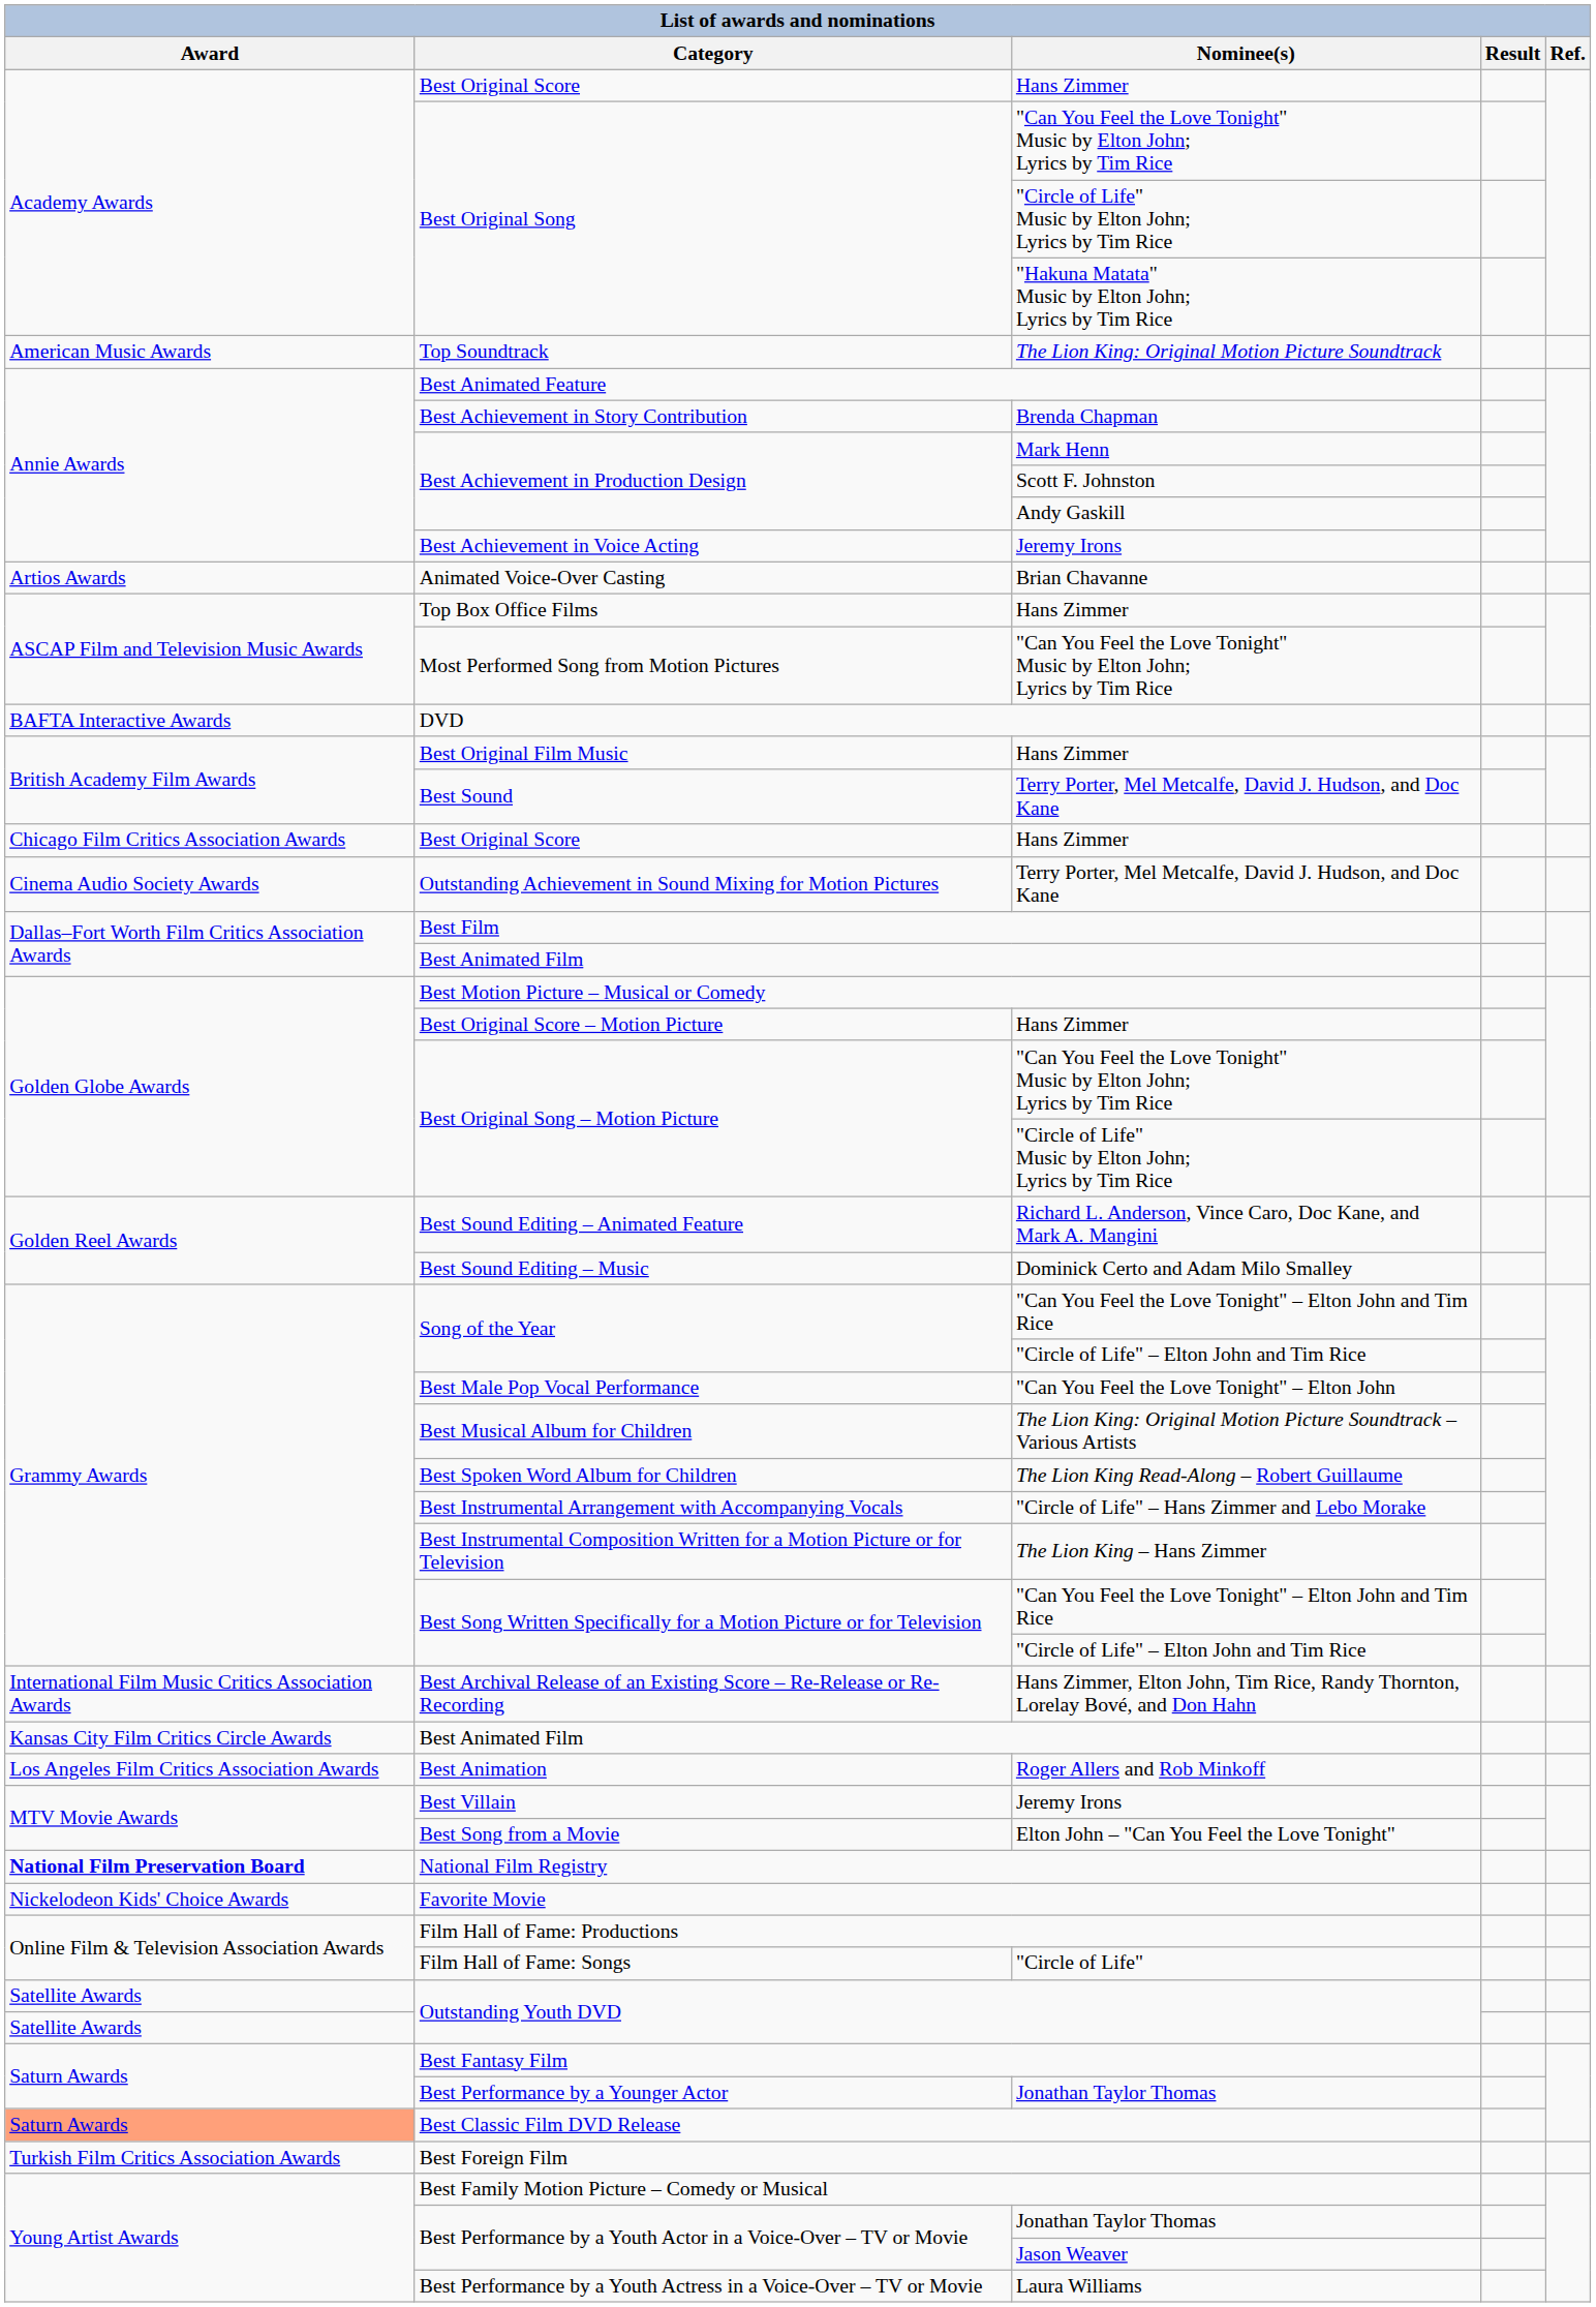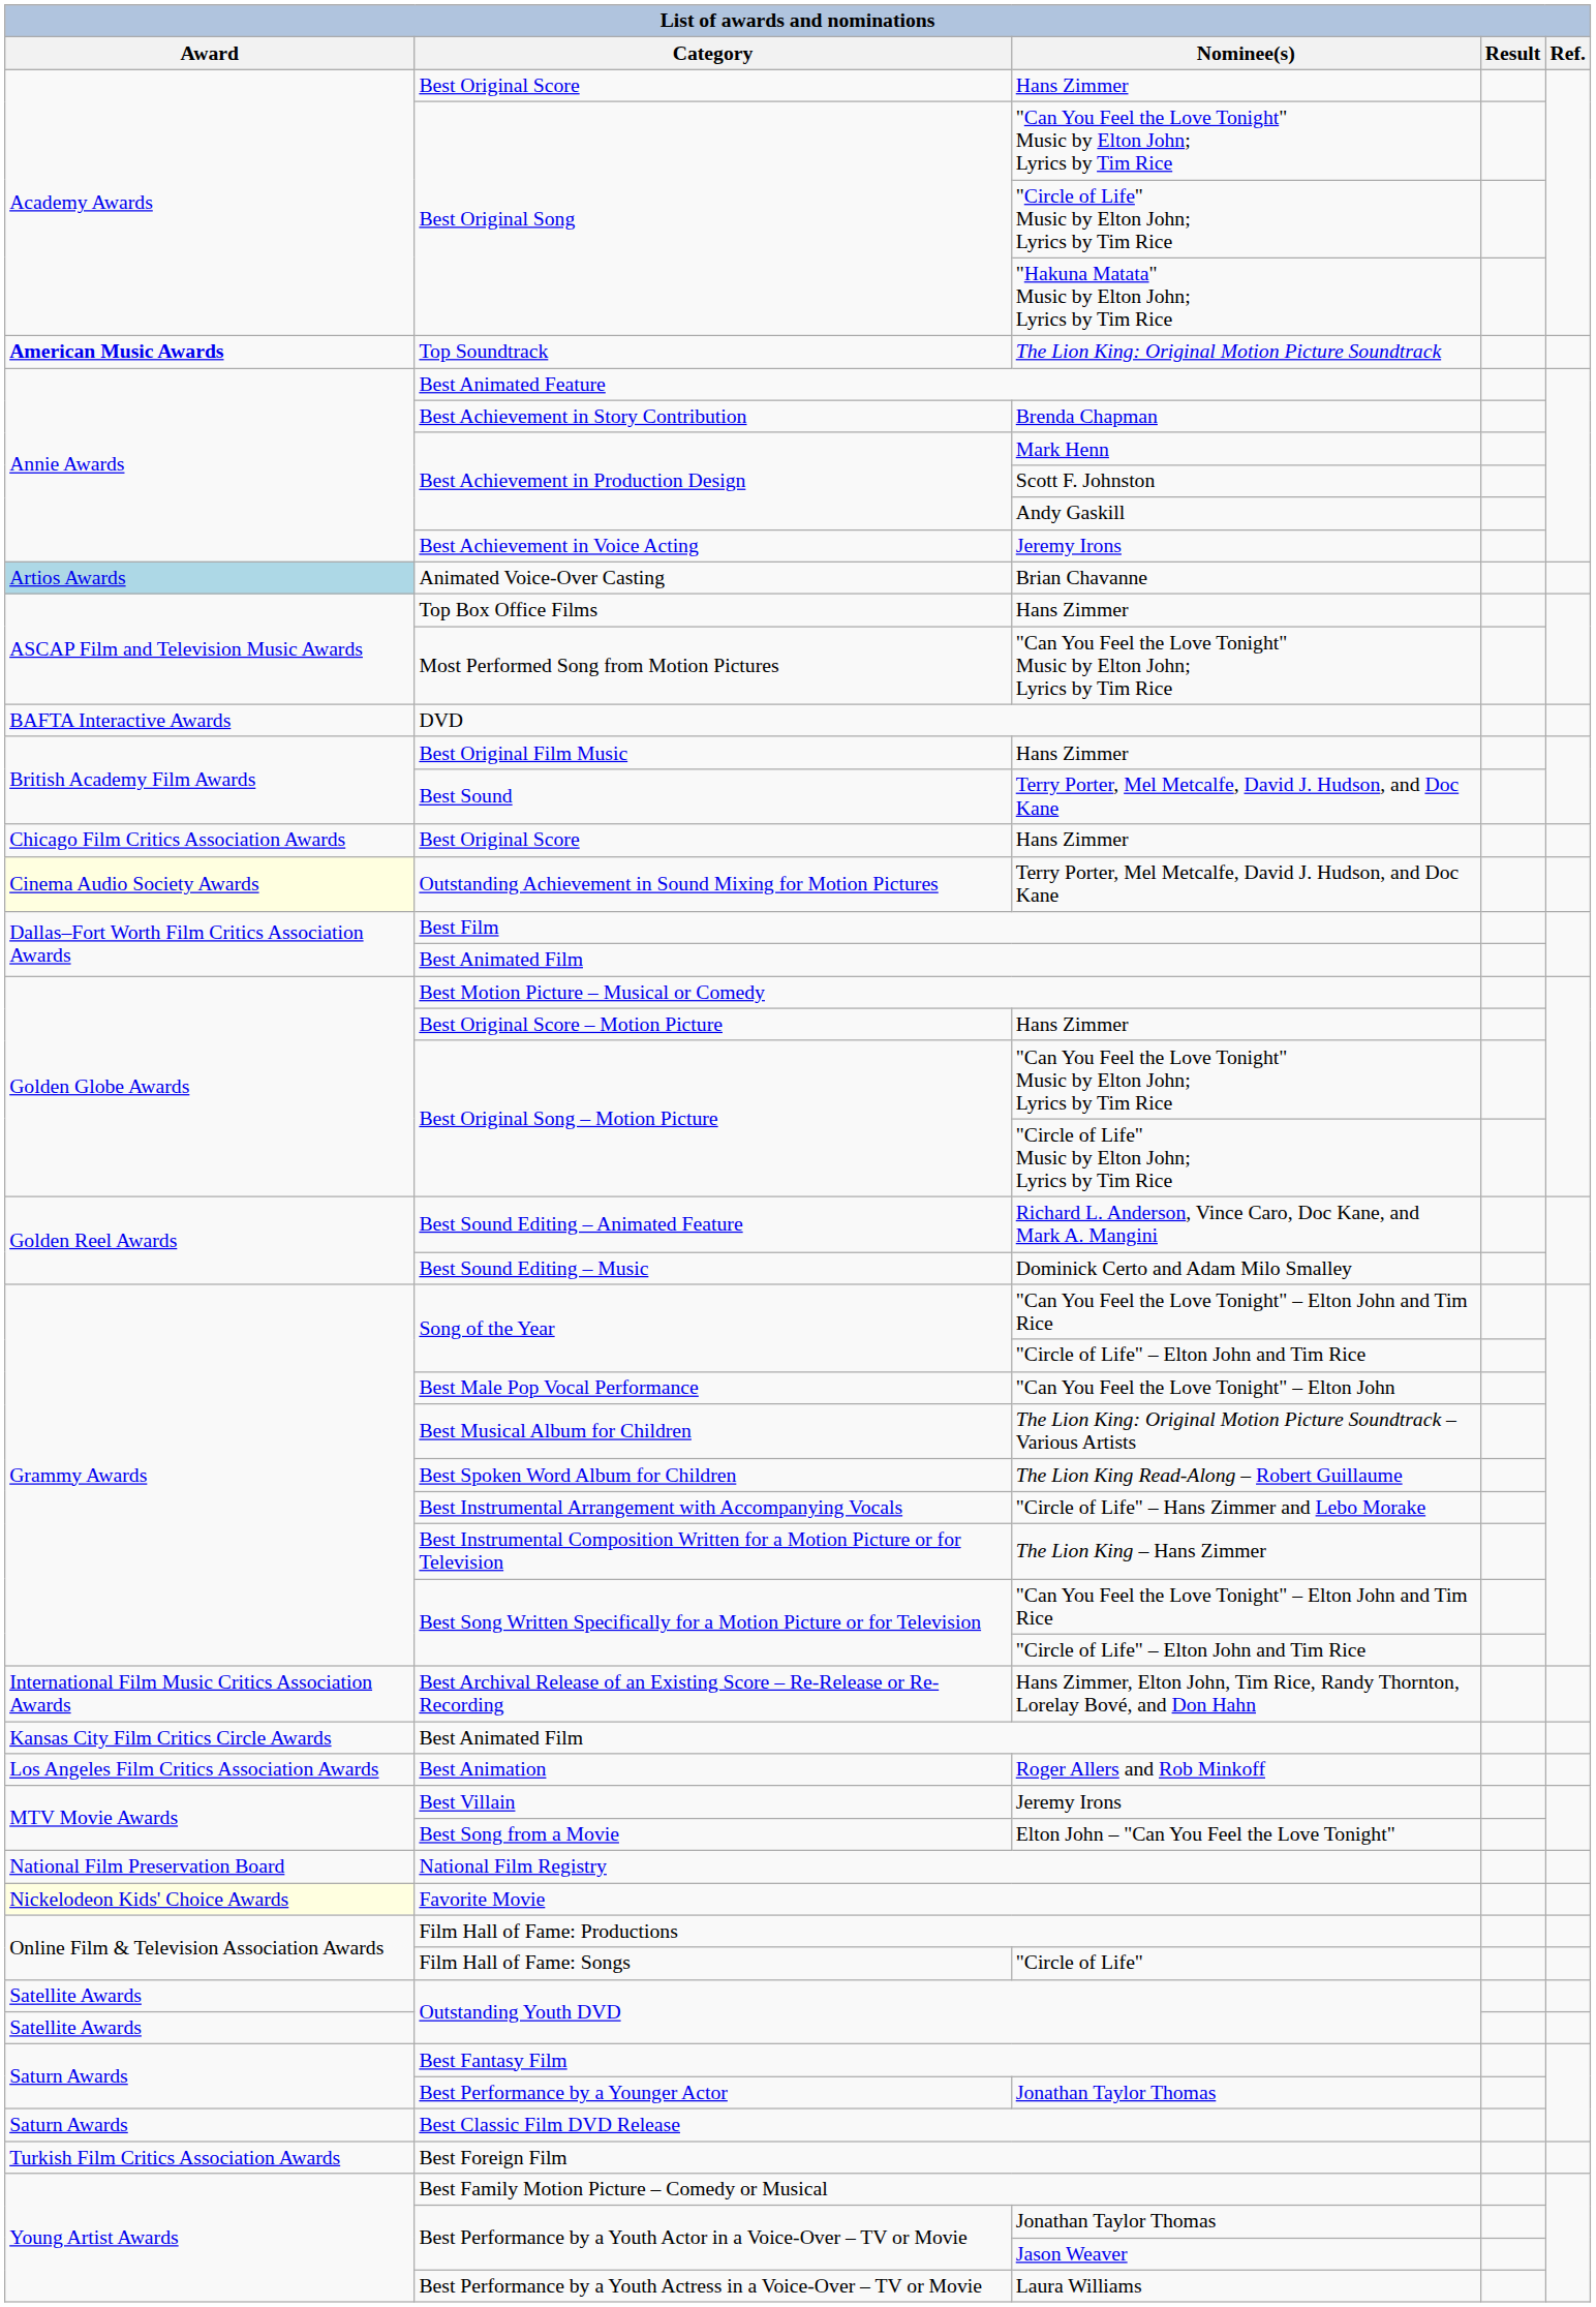 <table class="wikitable plainrowheaders">
 <tr style="background:#ccc; text-align:center;">
 <th colspan="6" style="background: LightSteelBlue;">List of awards and nominations</th>
 </tr>
 <tr style="background:#ccc; text-align:center;">
 <th>Award</th>
 <th>Category</th>
 <th>Nominee(s)</th>
 <th>Result</th>
 <th>Ref.</th>
 </tr>
 <tr>
 <td rowspan="4"><a href='#'>Academy Awards</a></td>
 <td><a href='#'>Best Original Score</a></td>
 <td><a href='#'>Hans Zimmer</a></td>
 <td></td>
 <td rowspan="4" align="center"></td>
 </tr>
 <tr>
 <td rowspan="3"><a href='#'>Best Original Song</a></td>
 <td>"<a href='#'>Can You Feel the Love Tonight</a>" <br> Music by <a href='#'>Elton John</a>; <br> Lyrics by <a href='#'>Tim Rice</a></td>
 <td></td>
 </tr>
 <tr>
 <td>"<a href='#'>Circle of Life</a>" <br> Music by Elton John; <br> Lyrics by Tim Rice</td>
 <td></td>
 </tr>
 <tr>
 <td>"<a href='#'>Hakuna Matata</a>" <br> Music by Elton John; <br> Lyrics by Tim Rice</td>
 <td></td>
 </tr>
 <tr>
-<td><a href='#'>American Music Awards</a></td>
+<td><strong><a href='#'>American Music Awards</a></strong></td>
 <td><a href='#'>Top Soundtrack</a></td>
 <td><em><a href='#'>The Lion King: Original Motion Picture Soundtrack</a></em></td>
 <td></td>
 <td align="center"></td>
 </tr>
 <tr>
 <td rowspan="6"><a href='#'>Annie Awards</a></td>
 <td colspan="2"><a href='#'>Best Animated Feature</a></td>
 <td></td>
 <td rowspan="6" align="center"></td>
 </tr>
 <tr>
 <td><a href='#'>Best Achievement in Story Contribution</a></td>
 <td><a href='#'>Brenda Chapman</a> </td>
 <td></td>
 </tr>
 <tr>
 <td rowspan="3"><a href='#'>Best Achievement in Production Design</a></td>
 <td><a href='#'>Mark Henn</a> </td>
 <td></td>
 </tr>
 <tr>
 <td>Scott F. Johnston </td>
 <td></td>
 </tr>
 <tr>
 <td>Andy Gaskill </td>
 <td></td>
 </tr>
 <tr>
 <td><a href='#'>Best Achievement in Voice Acting</a></td>
 <td><a href='#'>Jeremy Irons</a></td>
 <td></td>
 </tr>
 <tr>
-<td><a href='#'>Artios Awards</a></td>
+<td style="background: lightblue;"><a href='#'>Artios Awards</a></td>
 <td>Animated Voice-Over Casting</td>
 <td>Brian Chavanne</td>
 <td></td>
 <td align="center"></td>
 </tr>
 <tr>
 <td rowspan="2"><a href='#'>ASCAP Film and Television Music Awards</a></td>
 <td>Top Box Office Films</td>
 <td>Hans Zimmer</td>
 <td></td>
 <td rowspan="2" align="center"></td>
 </tr>
 <tr>
 <td>Most Performed Song from Motion Pictures</td>
 <td>"Can You Feel the Love Tonight" <br> Music by Elton John; <br> Lyrics by Tim Rice</td>
 <td></td>
 </tr>
 <tr>
 <td><a href='#'>BAFTA Interactive Awards</a></td>
 <td colspan="2">DVD</td>
 <td></td>
 <td align="center"></td>
 </tr>
 <tr>
 <td rowspan="2"><a href='#'>British Academy Film Awards</a></td>
 <td><a href='#'>Best Original Film Music</a></td>
 <td>Hans Zimmer</td>
 <td></td>
 <td rowspan="2" align="center"></td>
 </tr>
 <tr>
 <td><a href='#'>Best Sound</a></td>
 <td><a href='#'>Terry Porter</a>, <a href='#'>Mel Metcalfe</a>, <a href='#'>David J. Hudson</a>, and <a href='#'>Doc Kane</a></td>
 <td></td>
 </tr>
 <tr>
 <td><a href='#'>Chicago Film Critics Association Awards</a></td>
 <td><a href='#'>Best Original Score</a></td>
 <td>Hans Zimmer</td>
 <td></td>
 <td align="center"></td>
 </tr>
 <tr>
-<td><a href='#'>Cinema Audio Society Awards</a></td>
+<td style="background: lightyellow;"><a href='#'>Cinema Audio Society Awards</a></td>
 <td><a href='#'>Outstanding Achievement in Sound Mixing for Motion Pictures</a></td>
 <td>Terry Porter, Mel Metcalfe, David J. Hudson, and Doc Kane</td>
 <td></td>
 <td align="center"></td>
 </tr>
 <tr>
 <td rowspan="2"><a href='#'>Dallas–Fort Worth Film Critics Association Awards</a></td>
 <td colspan="2"><a href='#'>Best Film</a></td>
 <td></td>
 <td rowspan="2" align="center"></td>
 </tr>
 <tr>
 <td colspan="2"><a href='#'>Best Animated Film</a></td>
 <td></td>
 </tr>
 <tr>
 <td rowspan="4"><a href='#'>Golden Globe Awards</a></td>
 <td colspan="2"><a href='#'>Best Motion Picture – Musical or Comedy</a></td>
 <td></td>
 <td rowspan="4" align="center"></td>
 </tr>
 <tr>
 <td><a href='#'>Best Original Score – Motion Picture</a></td>
 <td>Hans Zimmer</td>
 <td></td>
 </tr>
 <tr>
 <td rowspan="2"><a href='#'>Best Original Song – Motion Picture</a></td>
 <td>"Can You Feel the Love Tonight" <br> Music by Elton John; <br> Lyrics by Tim Rice</td>
 <td></td>
 </tr>
 <tr>
 <td>"Circle of Life" <br> Music by Elton John; <br> Lyrics by Tim Rice</td>
 <td></td>
 </tr>
 <tr>
 <td rowspan="2"><a href='#'>Golden Reel Awards</a></td>
 <td><a href='#'>Best Sound Editing – Animated Feature</a></td>
 <td><a href='#'>Richard L. Anderson</a>, Vince Caro, Doc Kane, and <br> <a href='#'>Mark A. Mangini</a></td>
 <td></td>
 <td rowspan="2" align="center"></td>
 </tr>
 <tr>
 <td><a href='#'>Best Sound Editing – Music</a></td>
 <td>Dominick Certo and Adam Milo Smalley</td>
 <td></td>
 </tr>
 <tr>
 <td rowspan="9"><a href='#'>Grammy Awards</a></td>
 <td rowspan="2"><a href='#'>Song of the Year</a></td>
 <td>"Can You Feel the Love Tonight" – Elton John and Tim Rice</td>
 <td></td>
 <td rowspan="9" align="center"></td>
 </tr>
 <tr>
 <td>"Circle of Life" – Elton John and Tim Rice</td>
 <td></td>
 </tr>
 <tr>
 <td><a href='#'>Best Male Pop Vocal Performance</a></td>
 <td>"Can You Feel the Love Tonight" – Elton John</td>
 <td></td>
 </tr>
 <tr>
 <td><a href='#'>Best Musical Album for Children</a></td>
 <td><em>The Lion King: Original Motion Picture Soundtrack</em> – <br> Various Artists</td>
 <td></td>
 </tr>
 <tr>
 <td><a href='#'>Best Spoken Word Album for Children</a></td>
 <td><em>The Lion King Read-Along</em> – <a href='#'>Robert Guillaume</a></td>
 <td></td>
 </tr>
 <tr>
 <td><a href='#'>Best Instrumental Arrangement with Accompanying Vocals</a></td>
 <td>"Circle of Life" – Hans Zimmer and <a href='#'>Lebo Morake</a></td>
 <td></td>
 </tr>
 <tr>
 <td><a href='#'>Best Instrumental Composition Written for a Motion Picture or for Television</a></td>
 <td><em>The Lion King</em> – Hans Zimmer</td>
 <td></td>
 </tr>
 <tr>
 <td rowspan="2"><a href='#'>Best Song Written Specifically for a Motion Picture or for Television</a></td>
 <td>"Can You Feel the Love Tonight" – Elton John and Tim Rice</td>
 <td></td>
 </tr>
 <tr>
 <td>"Circle of Life" – Elton John and Tim Rice</td>
 <td></td>
 </tr>
 <tr>
 <td><a href='#'>International Film Music Critics Association Awards</a></td>
 <td><a href='#'>Best Archival Release of an Existing Score – Re-Release or Re-Recording</a></td>
 <td>Hans Zimmer, Elton John, Tim Rice, Randy Thornton, <br> Lorelay Bové, and <a href='#'>Don Hahn</a></td>
 <td></td>
 <td align="center"></td>
 </tr>
 <tr>
 <td><a href='#'>Kansas City Film Critics Circle Awards</a></td>
 <td colspan="2">Best Animated Film</td>
 <td></td>
 <td align="center"></td>
 </tr>
 <tr>
 <td><a href='#'>Los Angeles Film Critics Association Awards</a></td>
 <td><a href='#'>Best Animation</a></td>
 <td><a href='#'>Roger Allers</a> and <a href='#'>Rob Minkoff</a></td>
 <td></td>
 <td align="center"></td>
 </tr>
 <tr>
 <td rowspan="2"><a href='#'>MTV Movie Awards</a></td>
 <td><a href='#'>Best Villain</a></td>
 <td>Jeremy Irons</td>
 <td></td>
 <td rowspan="2" align="center"></td>
 </tr>
 <tr>
 <td><a href='#'>Best Song from a Movie</a></td>
 <td>Elton John – "Can You Feel the Love Tonight"</td>
 <td></td>
 </tr>
 <tr>
-<td><strong><a href='#'>National Film Preservation Board</a></strong></td>
+<td><a href='#'>National Film Preservation Board</a></td>
 <td colspan="2"><a href='#'>National Film Registry</a></td>
 <td></td>
 <td align="center"></td>
 </tr>
 <tr>
-<td><a href='#'>Nickelodeon Kids' Choice Awards</a></td>
+<td style="background: lightyellow;"><a href='#'>Nickelodeon Kids' Choice Awards</a></td>
 <td colspan="2"><a href='#'>Favorite Movie</a></td>
 <td></td>
 <td align="center"></td>
 </tr>
 <tr>
 <td rowspan="2">Online Film & Television Association Awards</td>
 <td colspan="2">Film Hall of Fame: Productions</td>
 <td></td>
 <td align="center"></td>
 </tr>
 <tr>
 <td>Film Hall of Fame: Songs</td>
 <td>"Circle of Life"</td>
 <td></td>
 <td align="center"></td>
 </tr>
 <tr>
 <td><a href='#'>Satellite Awards</a> </td>
 <td colspan="2" rowspan="2"><a href='#'>Outstanding Youth DVD</a></td>
 <td></td>
 <td align="center"></td>
 </tr>
 <tr>
 <td><a href='#'>Satellite Awards</a> </td>
 <td></td>
 <td align="center"></td>
 </tr>
 <tr>
 <td rowspan="2"><a href='#'>Saturn Awards</a> </td>
 <td colspan="2"><a href='#'>Best Fantasy Film</a></td>
 <td></td>
 <td rowspan="3" align="center"></td>
 </tr>
 <tr>
 <td><a href='#'>Best Performance by a Younger Actor</a></td>
 <td><a href='#'>Jonathan Taylor Thomas</a></td>
 <td></td>
 </tr>
 <tr>
-<td style="background: lightsalmon;"><a href='#'>Saturn Awards</a> </td>
+<td><a href='#'>Saturn Awards</a> </td>
 <td colspan="2"><a href='#'>Best Classic Film DVD Release</a></td>
 <td></td>
 </tr>
 <tr>
 <td><a href='#'>Turkish Film Critics Association Awards</a></td>
 <td colspan="2">Best Foreign Film</td>
 <td></td>
 <td align="center"></td>
 </tr>
 <tr>
 <td rowspan="4"><a href='#'>Young Artist Awards</a></td>
 <td colspan="2">Best Family Motion Picture – Comedy or Musical</td>
 <td></td>
 <td rowspan="4" align="center"></td>
 </tr>
 <tr>
 <td rowspan="2">Best Performance by a Youth Actor in a Voice-Over – TV or Movie</td>
 <td>Jonathan Taylor Thomas</td>
 <td></td>
 </tr>
 <tr>
 <td><a href='#'>Jason Weaver</a></td>
 <td></td>
 </tr>
 <tr>
 <td>Best Performance by a Youth Actress in a Voice-Over – TV or Movie</td>
 <td>Laura Williams</td>
 <td></td>
 </tr>
 </table>
